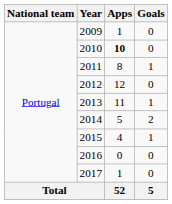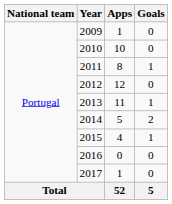 <table class="wikitable" style="text-align:center">
 <tr>
 <th>National team</th>
 <th>Year</th>
 <th>Apps</th>
 <th>Goals</th>
 </tr>
 <tr>
 <td rowspan="9"><a href='#'>Portugal</a></td>
 <td>2009</td>
 <td>1</td>
 <td>0</td>
 </tr>
 <tr>
 <td>2010</td>
-<td><strong>10</strong></td>
+<td>10</td>
 <td>0</td>
 </tr>
 <tr>
 <td>2011</td>
 <td>8</td>
 <td>1</td>
 </tr>
 <tr>
 <td>2012</td>
 <td>12</td>
 <td>0</td>
 </tr>
 <tr>
 <td>2013</td>
 <td>11</td>
 <td>1</td>
 </tr>
 <tr>
 <td>2014</td>
 <td>5</td>
 <td>2</td>
 </tr>
 <tr>
 <td>2015</td>
 <td>4</td>
 <td>1</td>
 </tr>
 <tr>
 <td>2016</td>
 <td>0</td>
 <td>0</td>
 </tr>
 <tr>
 <td>2017</td>
 <td>1</td>
 <td>0</td>
 </tr>
 <tr>
 <th colspan="2">Total</th>
 <th>52</th>
 <th>5</th>
 </tr>
 </table>
